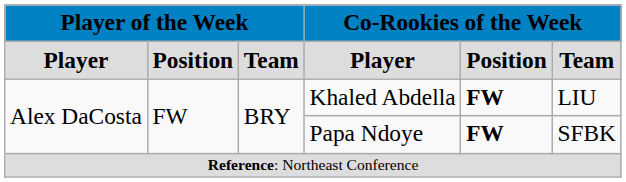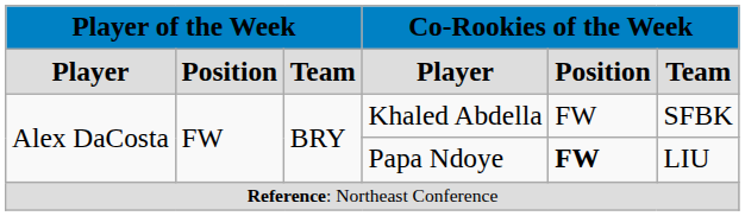 <table class="wikitable">
 <tr>
 <th colspan="3" style="background:#0081C4;"><span>Player of the Week</span></th>
 <th colspan="3" style="background:#0081C4;"><span>Co-Rookies of the Week</span></th>
 </tr>
 <tr>
 <th style="background:#ddd;">Player</th>
 <th style="background:#ddd;">Position</th>
 <th style="background:#ddd;">Team</th>
 <th style="background:#ddd;">Player</th>
 <th style="background:#ddd;">Position</th>
 <th style="background:#ddd;">Team</th>
 </tr>
 <tr>
 <td rowspan=2>Alex DaCosta</td>
 <td rowspan=2>FW</td>
 <td rowspan=2>BRY</td>
 <td>Khaled Abdella</td>
-<td><strong>FW</strong></td>
-<td !>LIU</td>
+<td>FW</td>
+<td !>SFBK</td>
 </tr>
 <tr>
 <td>Papa Ndoye</td>
 <td><strong>FW</strong></td>
-<td !>SFBK</td>
+<td !>LIU</td>
 </tr>
 <tr>
 <td colspan="12"  style="font-size:8pt; text-align:center; background:#ddd;"><strong>Reference</strong>: Northeast Conference</td>
 </tr>
 </table>
